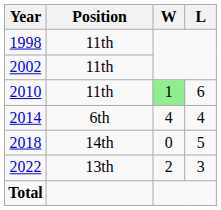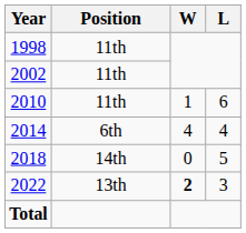 <table class="wikitable" style="text-align: center;">
 <tr>
 <th>Year</th>
 <th width="100">Position</th>
 <th width="25">W</th>
 <th width="25">L</th>
 </tr>
 <tr>
 <td> <a href='#'>1998</a></td>
 <td>11th</td>
 </tr>
 <tr>
 <td> <a href='#'>2002</a></td>
 <td>11th</td>
 </tr>
 <tr>
 <td> <a href='#'>2010</a></td>
 <td>11th</td>
-<td style="background: lightgreen;">1</td>
+<td>1</td>
 <td>6</td>
 </tr>
 <tr>
 <td> <a href='#'>2014</a></td>
 <td>6th</td>
 <td>4</td>
 <td>4</td>
 </tr>
 <tr>
 <td> <a href='#'>2018</a></td>
 <td>14th</td>
 <td>0</td>
 <td>5</td>
 </tr>
 <tr>
 <td> <a href='#'>2022</a></td>
 <td>13th</td>
-<td>2</td>
+<td><strong>2</strong></td>
 <td>3</td>
 </tr>
 <tr>
 <td><strong>Total</strong></td>
 <td></td>
 </tr>
 </table>
